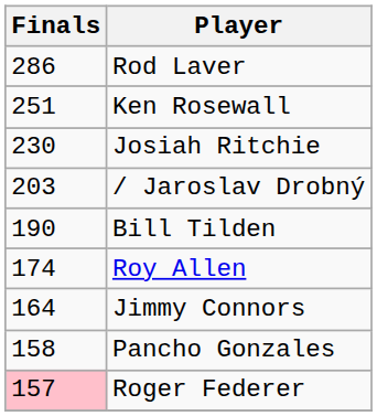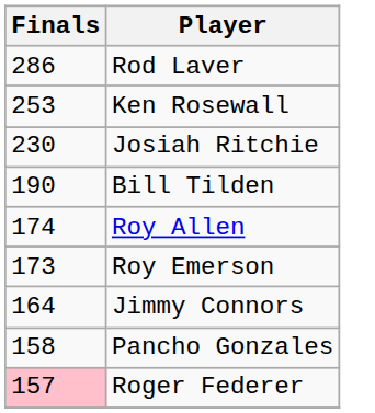 <table class=wikitable style="display:inline-table;">
 <tr>
 <th>Finals</th>
 <th>Player</th>
 </tr>
 <tr>
 <td>286</td>
 <td> Rod Laver</td>
 </tr>
 <tr>
-<td>251</td>
+<td>253</td>
 <td> Ken Rosewall</td>
 </tr>
 <tr>
 <td>230</td>
 <td> Josiah Ritchie</td>
-</tr>
-<tr>
-<td>203</td>
-<td>/ Jaroslav Drobný</td>
 </tr>
 <tr>
 <td>190</td>
 <td> Bill Tilden</td>
 </tr>
 <tr>
 <td>174</td>
 <td> <a href='#'>Roy Allen</a></td>
+</tr>
+<tr>
+<td>173</td>
+<td> Roy Emerson</td>
 </tr>
 <tr>
 <td>164</td>
 <td> Jimmy Connors</td>
 </tr>
 <tr>
 <td>158</td>
 <td> Pancho Gonzales</td>
 </tr>
 <tr>
 <td style="background: pink;">157</td>
 <td> Roger Federer</td>
 </tr>
 <tr>
 </tr>
 </table>
